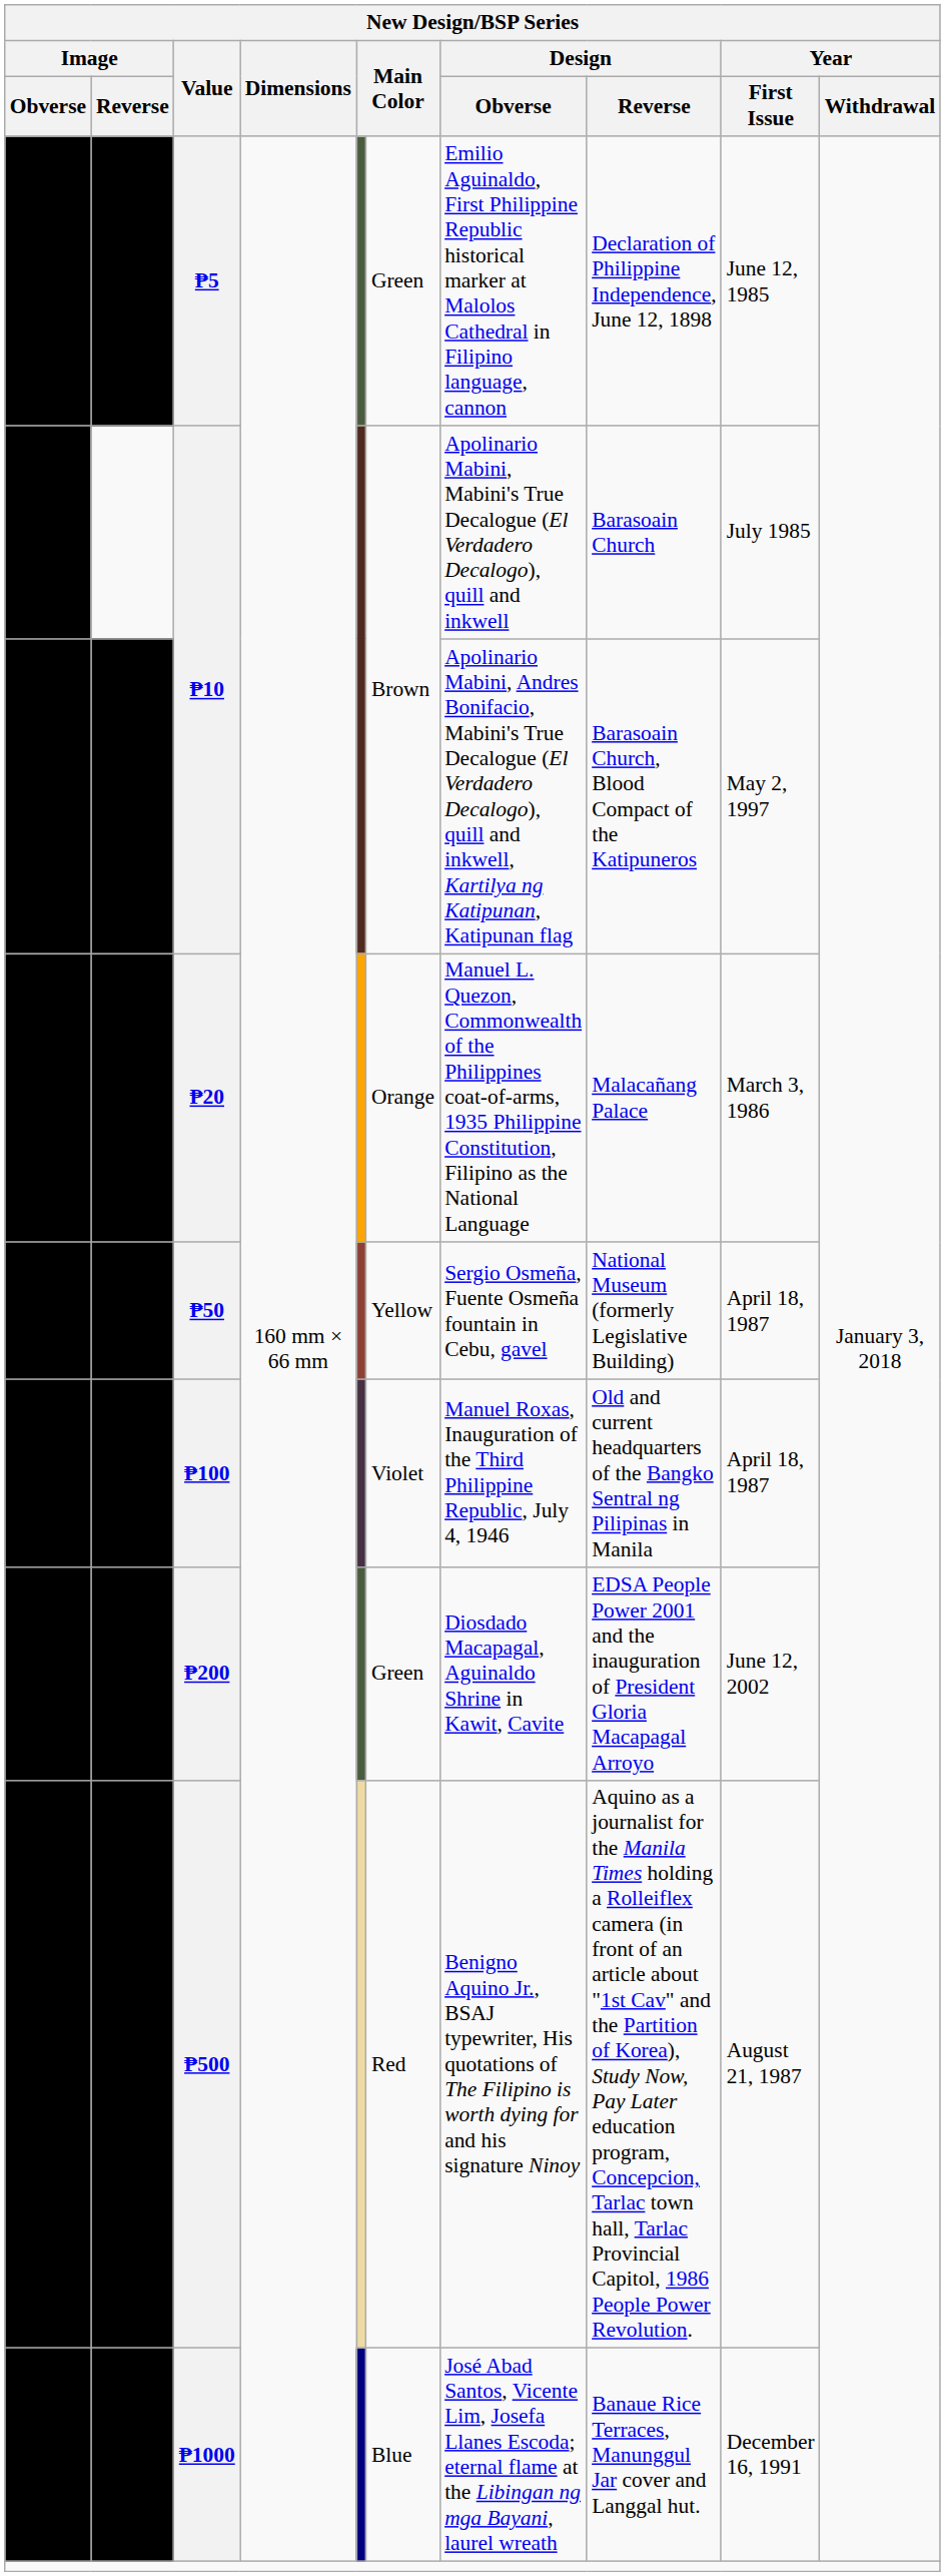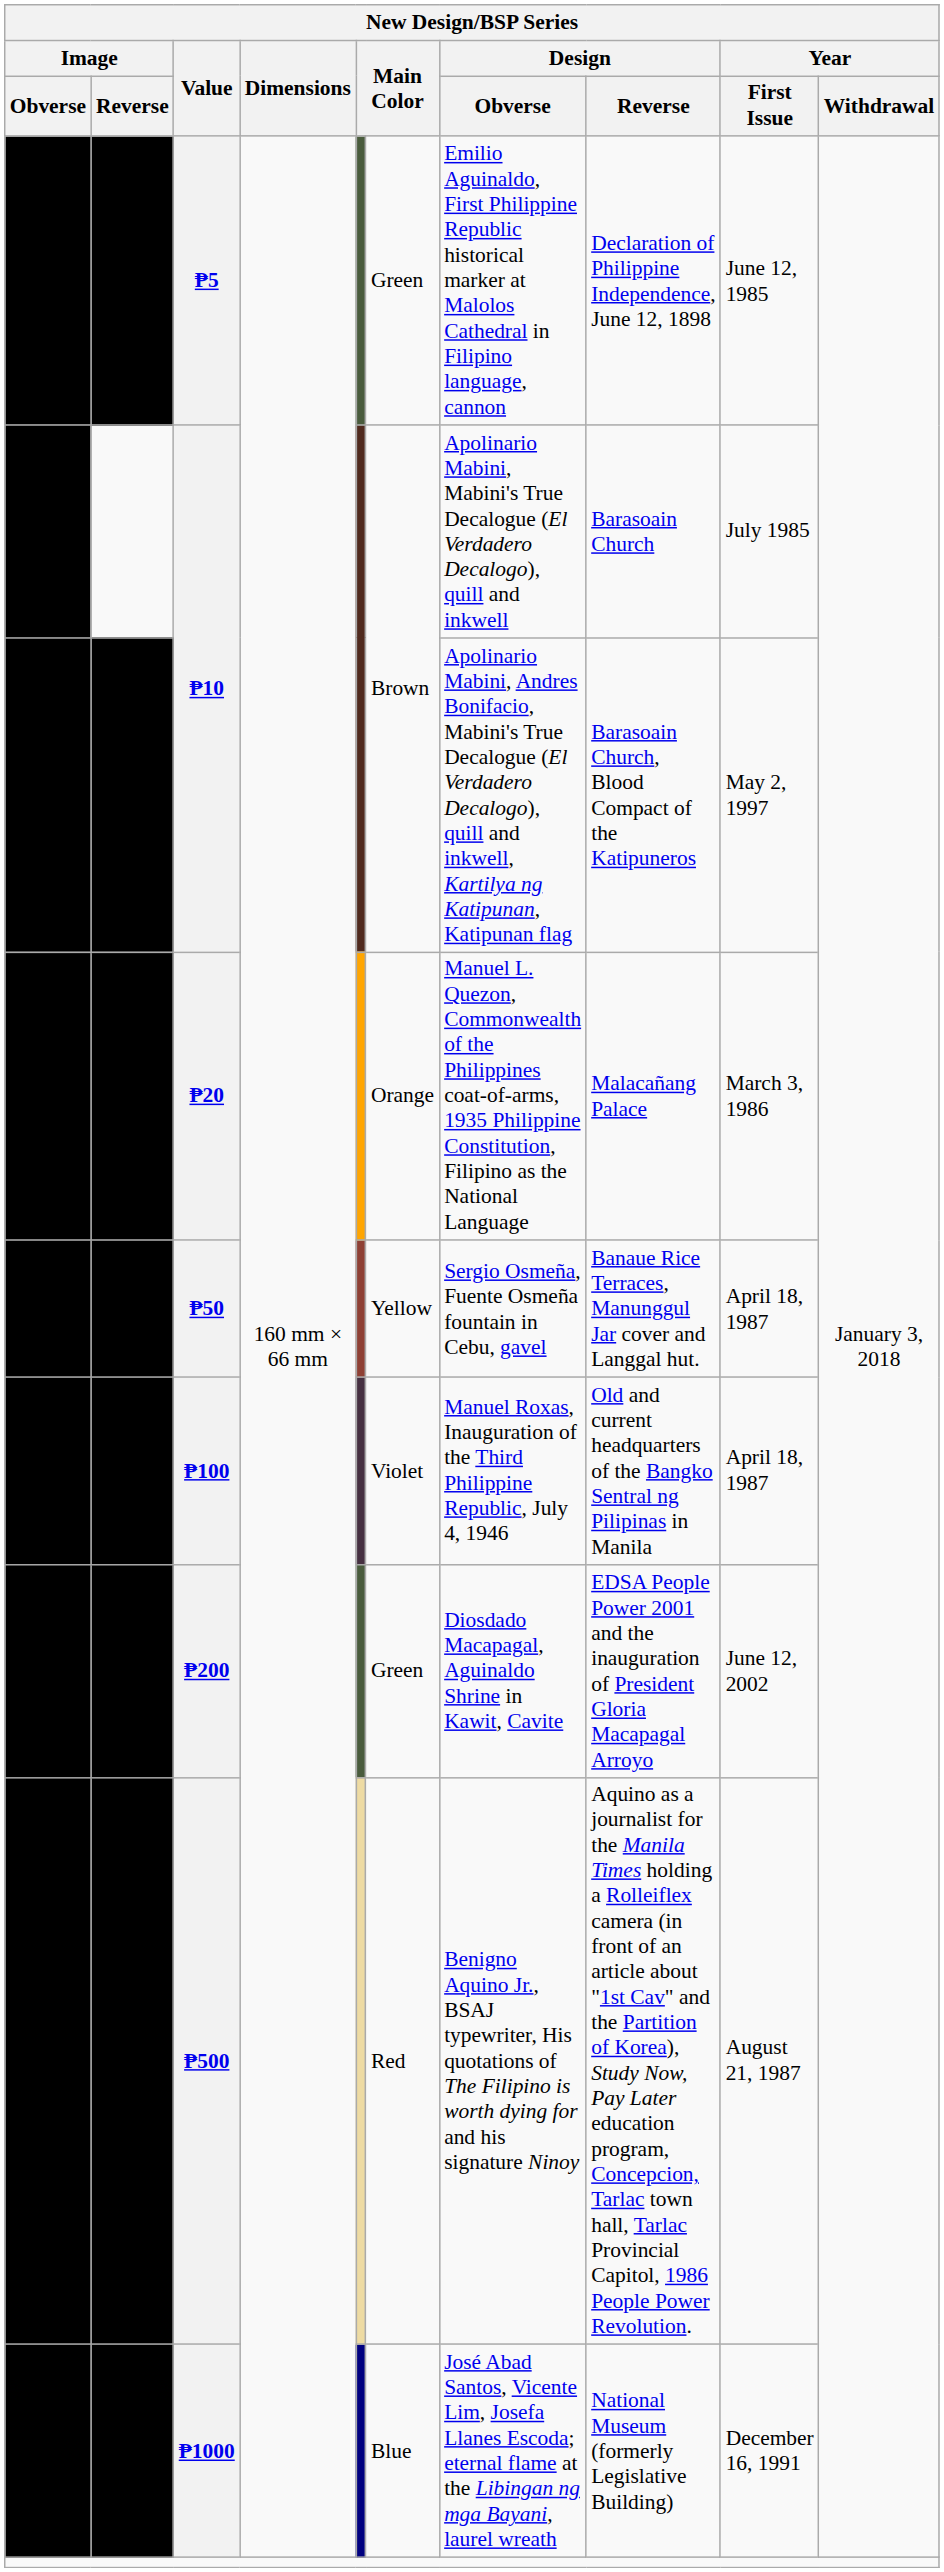 <table class="wikitable"  style="margin:auto; font-size:90%;">
 <tr>
 <th colspan="10">New Design/BSP Series</th>
 </tr>
 <tr>
 <th colspan="2">Image</th>
 <th rowspan="2">Value</th>
 <th rowspan="2">Dimensions</th>
 <th rowspan="2" colspan="2">Main Color</th>
 <th colspan="2">Design</th>
 <th colspan="2">Year</th>
 </tr>
 <tr>
 <th>Obverse</th>
 <th>Reverse</th>
 <th>Obverse</th>
 <th>Reverse</th>
 <th>First Issue</th>
 <th>Withdrawal</th>
 </tr>
 <tr style="height:62px">
 <td style="text-align:center;" bgcolor="#000000"></td>
 <td style="text-align:center;" bgcolor="#000000"></td>
 <th><a href='#'>₱5</a><span></span></th>
 <td rowspan="9" style="text-align:center;">160 mm × 66 mm</td>
 <td style="text-align:center; background:#4A5C3D;"></td>
 <td>Green</td>
 <td><a href='#'>Emilio Aguinaldo</a>, <a href='#'>First Philippine Republic</a> historical marker at <a href='#'>Malolos Cathedral</a> in <a href='#'>Filipino language</a>, <a href='#'>cannon</a></td>
 <td><a href='#'>Declaration of Philippine Independence</a>, June 12, 1898</td>
 <td>June 12, 1985</td>
 <td rowspan="9" style="text-align:center;">January 3, 2018</td>
 </tr>
 <tr style="height:62px">
 <td style="text-align:center;" bgcolor="#000000"></td>
 <td style="text-align:center;"></td>
 <th rowspan="2"><a href='#'>₱10</a><span></span></th>
 <td rowspan="2" style="text-align:center; background:#502a1e;"></td>
 <td rowspan="2">Brown</td>
 <td><a href='#'>Apolinario Mabini</a>, Mabini's True Decalogue (<em>El Verdadero Decalogo</em>), <a href='#'>quill</a> and <a href='#'>inkwell</a></td>
 <td><a href='#'>Barasoain Church</a></td>
 <td>July 1985</td>
 </tr>
 <tr style="height:62px">
 <td style="text-align:center;" bgcolor="#000000"></td>
 <td style="text-align:center;" bgcolor="#000000"></td>
 <td><a href='#'>Apolinario Mabini</a>, <a href='#'>Andres Bonifacio</a>, Mabini's True Decalogue (<em>El Verdadero Decalogo</em>), <a href='#'>quill</a> and <a href='#'>inkwell</a>, <em><a href='#'>Kartilya ng Katipunan</a></em>, <a href='#'>Katipunan flag</a></td>
 <td><a href='#'>Barasoain Church</a>, Blood Compact of the <a href='#'>Katipuneros</a></td>
 <td>May 2, 1997</td>
 </tr>
 <tr style="height:62px">
 <td style="text-align:center;" bgcolor="#000000"></td>
 <td style="text-align:center;" bgcolor="#000000"></td>
 <th><a href='#'>₱20</a><span></span></th>
 <td style="text-align:center; background:orange;"></td>
 <td>Orange</td>
 <td><a href='#'>Manuel L. Quezon</a>, <a href='#'>Commonwealth of the Philippines</a> coat-of-arms, <a href='#'>1935 Philippine Constitution</a>, Filipino as the National Language</td>
 <td><a href='#'>Malacañang Palace</a></td>
 <td>March 3, 1986</td>
 </tr>
 <tr style="height:62px">
 <td style="text-align:center;" bgcolor="#000000"></td>
 <td style="text-align:center;" bgcolor="#000000"></td>
 <th><a href='#'>₱50</a><span></span></th>
 <td style="text-align:center; background:#8F4034;"></td>
 <td>Yellow</td>
 <td><a href='#'>Sergio Osmeña</a>, Fuente Osmeña fountain in Cebu, <a href='#'>gavel</a></td>
-<td><a href='#'>National Museum</a> (formerly Legislative Building)</td>
+<td><a href='#'>Banaue Rice Terraces</a>, <a href='#'>Manunggul Jar</a> cover and Langgal hut.</td>
 <td>April 18, 1987</td>
 </tr>
 <tr style="height:62px">
 <td style="text-align:center;" bgcolor="#000000"></td>
 <td style="text-align:center;" bgcolor="#000000"></td>
 <th><a href='#'>₱100</a><span></span></th>
 <td style="text-align:center; background:#463041 ;"></td>
 <td>Violet</td>
 <td><a href='#'>Manuel Roxas</a>, Inauguration of the <a href='#'>Third Philippine Republic</a>, July 4, 1946</td>
 <td><a href='#'>Old</a> and current headquarters of the <a href='#'>Bangko Sentral ng Pilipinas</a> in Manila</td>
 <td>April 18, 1987</td>
 </tr>
 <tr style="height:62px">
 <td style="text-align:center;" bgcolor="#000000"></td>
 <td style="text-align:center;" bgcolor="#000000"></td>
 <th><a href='#'>₱200</a><span></span></th>
 <td style="text-align:center; background:#4A5C3D;"></td>
 <td>Green</td>
 <td><a href='#'>Diosdado Macapagal</a>, <a href='#'>Aguinaldo Shrine</a> in <a href='#'>Kawit</a>, <a href='#'>Cavite</a></td>
 <td><a href='#'>EDSA People Power 2001</a> and the inauguration of <a href='#'>President</a> <a href='#'>Gloria Macapagal Arroyo</a></td>
 <td>June 12, 2002</td>
 </tr>
 <tr style="height:62px">
 <td style="text-align:center;" bgcolor="#000000"></td>
 <td style="text-align:center;" bgcolor="#000000"></td>
 <th><a href='#'>₱500</a><span></span></th>
 <td style="text-align:center; background:#eedba3;"></td>
 <td>Red</td>
 <td><a href='#'>Benigno Aquino Jr.</a>, BSAJ typewriter, His quotations of <em>The Filipino is worth dying for</em> and his signature <em>Ninoy</em></td>
 <td>Aquino as a journalist for the <em><a href='#'>Manila Times</a></em> holding a <a href='#'>Rolleiflex</a> camera (in front of an article about "<a href='#'>1st Cav</a>" and the <a href='#'>Partition of Korea</a>), <em>Study Now, Pay Later</em> education program, <a href='#'>Concepcion, Tarlac</a> town hall, <a href='#'>Tarlac</a> Provincial Capitol, <a href='#'>1986 People Power Revolution</a>.</td>
 <td>August 21, 1987</td>
 </tr>
 <tr style="height:62px">
 <td style="text-align:center;" bgcolor="#000000"></td>
 <td style="text-align:center;" bgcolor="#000000"></td>
 <th><a href='#'>₱1000</a><span></span></th>
 <td style="text-align:center; background:#000080;"></td>
 <td>Blue</td>
 <td><a href='#'>José Abad Santos</a>, <a href='#'>Vicente Lim</a>, <a href='#'>Josefa Llanes Escoda</a>; <a href='#'>eternal flame</a> at the <em><a href='#'>Libingan ng mga Bayani</a></em>, <a href='#'>laurel wreath</a></td>
-<td><a href='#'>Banaue Rice Terraces</a>, <a href='#'>Manunggul Jar</a> cover and Langgal hut.</td>
+<td><a href='#'>National Museum</a> (formerly Legislative Building)</td>
 <td>December 16, 1991</td>
 </tr>
 <tr>
 <td colspan="10"></td>
 </tr>
 </table>
